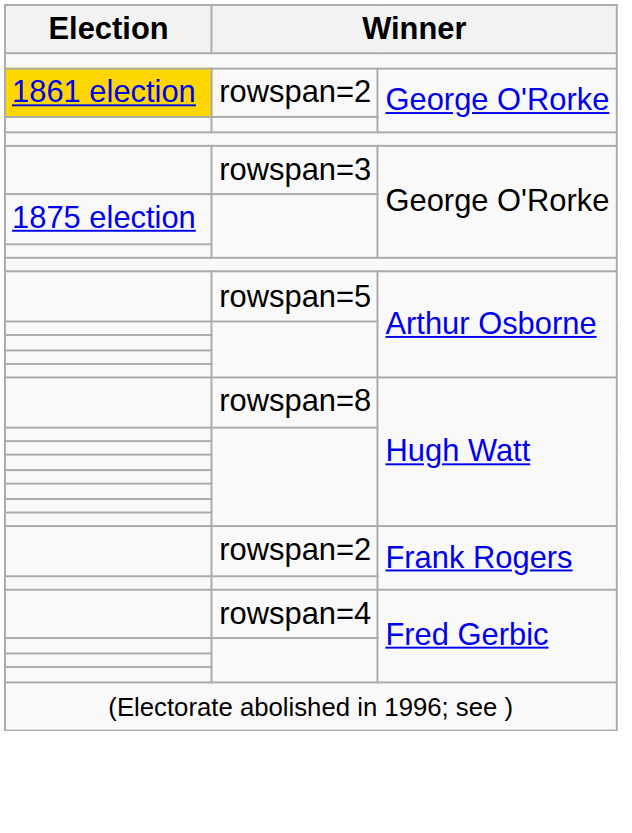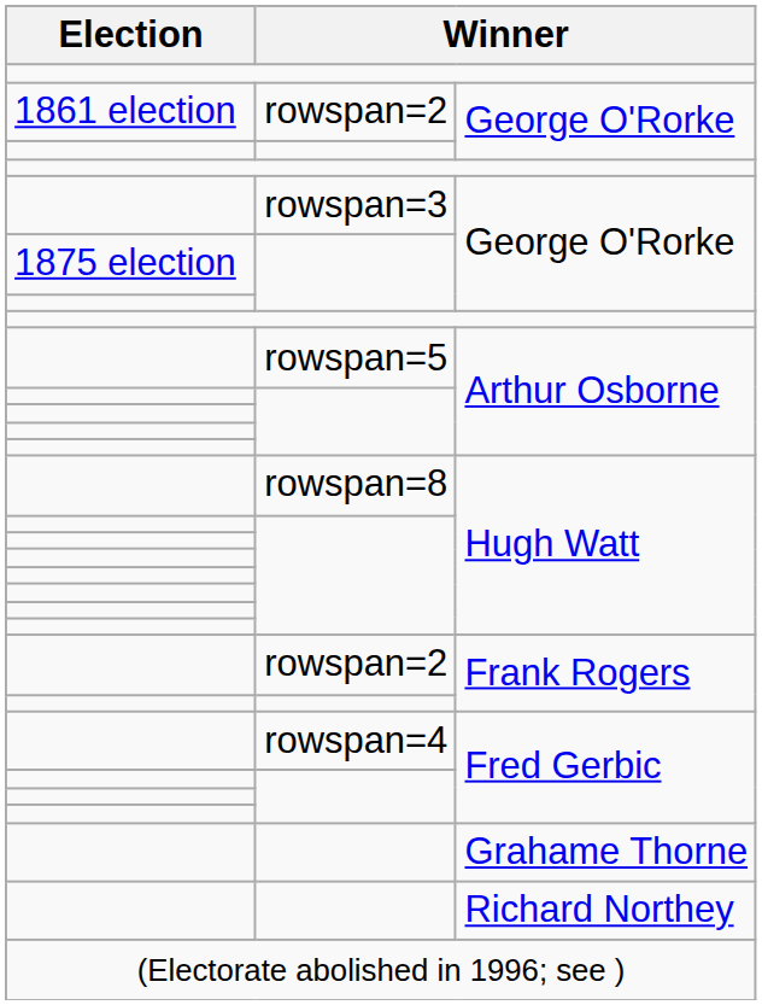 <table class=wikitable>
 <tr>
 <th width=100>Election</th>
 <th width=175 colspan=2>Winner</th>
 </tr>
 <tr>
 <td colspan=3 align=center></td>
 </tr>
 <tr>
-<td style="background: gold;"><a href='#'>1861 election</a></td>
+<td><a href='#'>1861 election</a></td>
 <td>rowspan=2 </td>
 <td rowspan=2><a href='#'>George O'Rorke</a></td>
 </tr>
 <tr>
 <td></td>
 </tr>
 <tr>
 <td colspan=3 align=center></td>
 </tr>
 <tr>
 <td></td>
 <td>rowspan=3 </td>
 <td rowspan=3>George O'Rorke</td>
 </tr>
 <tr>
 <td><a href='#'>1875 election</a></td>
 </tr>
 <tr>
 <td></td>
 </tr>
 <tr>
 <td colspan=3 align=center></td>
 </tr>
 <tr>
 <td></td>
 <td>rowspan=5 </td>
 <td rowspan=5><a href='#'>Arthur Osborne</a></td>
 </tr>
 <tr>
 <td></td>
 </tr>
 <tr>
 <td></td>
 </tr>
 <tr>
 <td></td>
 </tr>
 <tr>
 <td></td>
 </tr>
 <tr>
 <td></td>
 <td>rowspan=8 </td>
 <td rowspan=8><a href='#'>Hugh Watt</a></td>
 </tr>
 <tr>
 <td></td>
 </tr>
 <tr>
 <td></td>
 </tr>
 <tr>
 <td></td>
 </tr>
 <tr>
 <td></td>
 </tr>
 <tr>
 <td></td>
 </tr>
 <tr>
 <td></td>
 </tr>
 <tr>
 <td></td>
 </tr>
 <tr>
 <td></td>
 <td>rowspan=2 </td>
 <td rowspan=2><a href='#'>Frank Rogers</a></td>
 </tr>
 <tr>
 <td></td>
 </tr>
 <tr>
 <td></td>
 <td>rowspan=4 </td>
 <td rowspan=4><a href='#'>Fred Gerbic</a></td>
 </tr>
 <tr>
 <td></td>
 </tr>
 <tr>
 <td></td>
 </tr>
 <tr>
 <td></td>
 </tr>
 <tr>
+<td></td>
+<td></td>
+<td><a href='#'>Grahame Thorne</a></td>
+</tr>
+<tr>
+<td></td>
+<td></td>
+<td><a href='#'>Richard Northey</a></td>
+</tr>
+<tr>
 <td colspan=3 align=center><small>(Electorate abolished in 1996; see )</small></td>
 </tr>
 </table>
